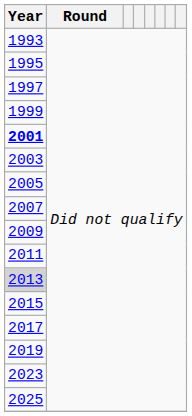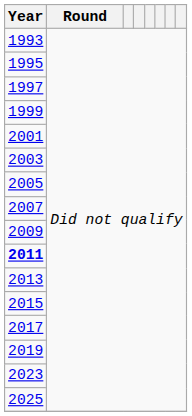 <table class="wikitable" style="text-align: center;">
 <tr>
 <th>Year</th>
 <th>Round</th>
 <th></th>
 <th></th>
 <th></th>
 <th></th>
 <th></th>
 <th></th>
 </tr>
 <tr>
 <td> <a href='#'>1993</a></td>
 <td rowspan=16 colspan=7><em>Did not qualify</em></td>
 </tr>
 <tr>
 <td> <a href='#'>1995</a></td>
 </tr>
 <tr>
 <td> <a href='#'>1997</a></td>
 </tr>
 <tr>
 <td> <a href='#'>1999</a></td>
 </tr>
 <tr>
-<td><strong> <a href='#'>2001</a></strong></td>
+<td> <a href='#'>2001</a></td>
 </tr>
 <tr>
 <td> <a href='#'>2003</a></td>
 </tr>
 <tr>
 <td> <a href='#'>2005</a></td>
 </tr>
 <tr>
 <td> <a href='#'>2007</a></td>
 </tr>
 <tr>
 <td> <a href='#'>2009</a></td>
 </tr>
 <tr>
-<td> <a href='#'>2011</a></td>
+<td><strong> <a href='#'>2011</a></strong></td>
 </tr>
 <tr>
-<td style="background: lightgrey;"> <a href='#'>2013</a></td>
+<td> <a href='#'>2013</a></td>
 </tr>
 <tr>
 <td> <a href='#'>2015</a></td>
 </tr>
 <tr>
 <td> <a href='#'>2017</a></td>
 </tr>
 <tr>
 <td> <a href='#'>2019</a></td>
 </tr>
 <tr>
 <td> <a href='#'>2023</a></td>
 </tr>
 <tr>
 <td> <a href='#'>2025</a></td>
 </tr>
 <tr>
 </tr>
 </table>
